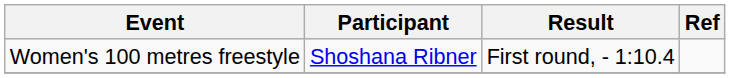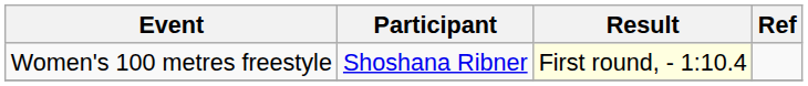 <table class="wikitable" style="font-size: 95%;">
 <tr>
 <th>Event</th>
 <th>Participant</th>
 <th>Result</th>
 <th>Ref</th>
 </tr>
 <tr>
 <td>Women's 100 metres freestyle</td>
 <td><a href='#'>Shoshana Ribner</a></td>
-<td>First round, - 1:10.4</td>
+<td style="background: lightyellow;">First round, - 1:10.4</td>
 <td></td>
 </tr>
 <tr>
 </tr>
 </table>
